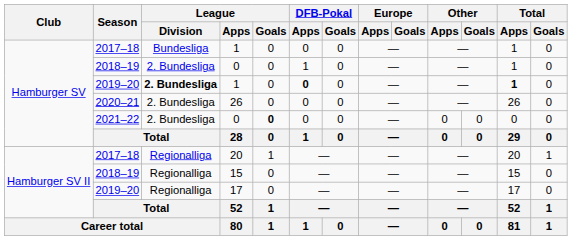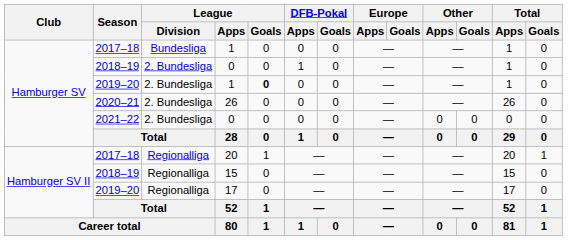 <table class=wikitable style=text-align:center>
 <tr>
 <th rowspan=2>Club</th>
 <th rowspan=2>Season</th>
 <th colspan=3>League</th>
 <th colspan=2><a href='#'>DFB-Pokal</a></th>
 <th colspan=2>Europe</th>
 <th colspan=2>Other</th>
 <th colspan=2>Total</th>
 </tr>
 <tr>
 <th>Division</th>
 <th>Apps</th>
 <th>Goals</th>
 <th>Apps</th>
 <th>Goals</th>
 <th>Apps</th>
 <th>Goals</th>
 <th>Apps</th>
 <th>Goals</th>
 <th>Apps</th>
 <th>Goals</th>
 </tr>
 <tr>
 <td rowspan=6><a href='#'>Hamburger SV</a></td>
 <td><a href='#'>2017–18</a></td>
 <td><a href='#'>Bundesliga</a></td>
 <td>1</td>
 <td>0</td>
 <td>0</td>
 <td>0</td>
 <td colspan=2>—</td>
 <td colspan=2>—</td>
 <td>1</td>
 <td>0</td>
 </tr>
 <tr>
 <td><a href='#'>2018–19</a></td>
 <td><a href='#'>2. Bundesliga</a></td>
 <td>0</td>
 <td>0</td>
 <td>1</td>
 <td>0</td>
 <td colspan=2>—</td>
 <td colspan=2>—</td>
 <td>1</td>
 <td>0</td>
 </tr>
 <tr>
 <td><a href='#'>2019–20</a></td>
-<td><strong>2. Bundesliga</strong></td>
+<td>2. Bundesliga</td>
 <td>1</td>
+<td><strong>0</strong></td>
 <td>0</td>
-<td><strong>0</strong></td>
 <td>0</td>
 <td colspan=2>—</td>
 <td colspan=2>—</td>
-<td><strong>1</strong></td>
+<td>1</td>
 <td>0</td>
 </tr>
 <tr>
 <td><a href='#'>2020–21</a></td>
 <td>2. Bundesliga</td>
 <td>26</td>
 <td>0</td>
 <td>0</td>
 <td>0</td>
 <td colspan=2>—</td>
 <td colspan=2>—</td>
 <td>26</td>
 <td>0</td>
 </tr>
 <tr>
 <td><a href='#'>2021–22</a></td>
 <td>2. Bundesliga</td>
 <td>0</td>
-<td><strong>0</strong></td>
+<td>0</td>
 <td>0</td>
 <td>0</td>
 <td colspan=2>—</td>
 <td>0</td>
 <td>0</td>
 <td>0</td>
 <td>0</td>
 </tr>
 <tr>
 <th colspan=2>Total</th>
 <th>28</th>
 <th>0</th>
 <th>1</th>
 <th>0</th>
 <th colspan=2>—</th>
 <th>0</th>
 <th>0</th>
 <th>29</th>
 <th>0</th>
 </tr>
 <tr>
 <td rowspan=4><a href='#'>Hamburger SV II</a></td>
 <td><a href='#'>2017–18</a></td>
 <td><a href='#'>Regionalliga</a></td>
 <td>20</td>
 <td>1</td>
 <td colspan=2>—</td>
 <td colspan=2>—</td>
 <td colspan=2>—</td>
 <td>20</td>
 <td>1</td>
 </tr>
 <tr>
 <td><a href='#'>2018–19</a></td>
 <td>Regionalliga</td>
 <td>15</td>
 <td>0</td>
 <td colspan=2>—</td>
 <td colspan=2>—</td>
 <td colspan=2>—</td>
 <td>15</td>
 <td>0</td>
 </tr>
 <tr>
 <td><a href='#'>2019–20</a></td>
 <td>Regionalliga</td>
 <td>17</td>
 <td>0</td>
 <td colspan=2>—</td>
 <td colspan=2>—</td>
 <td colspan=2>—</td>
 <td>17</td>
 <td>0</td>
 </tr>
 <tr>
 <th colspan=2>Total</th>
 <th>52</th>
 <th>1</th>
 <th colspan=2>—</th>
 <th colspan=2>—</th>
 <th colspan=2>—</th>
 <th>52</th>
 <th>1</th>
 </tr>
 <tr>
 <th colspan=3>Career total</th>
 <th>80</th>
 <th>1</th>
 <th>1</th>
 <th>0</th>
 <th colspan=2>—</th>
 <th>0</th>
 <th>0</th>
 <th>81</th>
 <th>1</th>
 </tr>
 </table>
